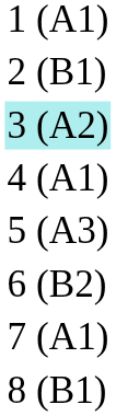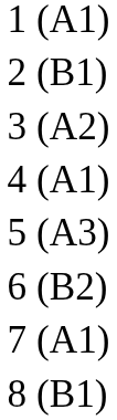 <table>
 <tr>
 <td></td>
 <td><br></td>
 <td><br></td>
 <td><br></td>
 </tr>
 <tr>
 <td>1 (A1)</td>
 <td><br></td>
 <td><br></td>
 <td><br></td>
 </tr>
 <tr>
 <td>2 (B1)</td>
 <td><br></td>
 <td><br></td>
 <td><br></td>
 </tr>
 <tr>
-<td style="background: paleturquoise;">3 (A2)</td>
+<td>3 (A2)</td>
 <td><br></td>
 <td><br></td>
 <td><br></td>
 </tr>
 <tr>
 <td>4 (A1)</td>
 <td><br></td>
 <td><br></td>
 <td><br></td>
 </tr>
 <tr>
 <td>5 (A3)</td>
 <td><br></td>
 <td><br></td>
 <td><br></td>
 </tr>
 <tr>
 <td>6 (B2)</td>
 <td><br></td>
 <td><br></td>
 <td><br></td>
 </tr>
 <tr>
 <td>7 (A1)</td>
 <td><br></td>
 <td><br></td>
 <td><br></td>
 </tr>
 <tr>
 <td>8 (B1)</td>
 <td><br></td>
 <td><br></td>
 <td><br></td>
 </tr>
 </table>
